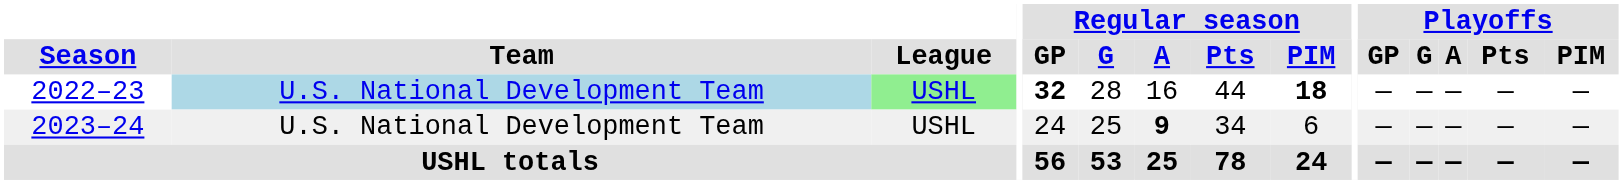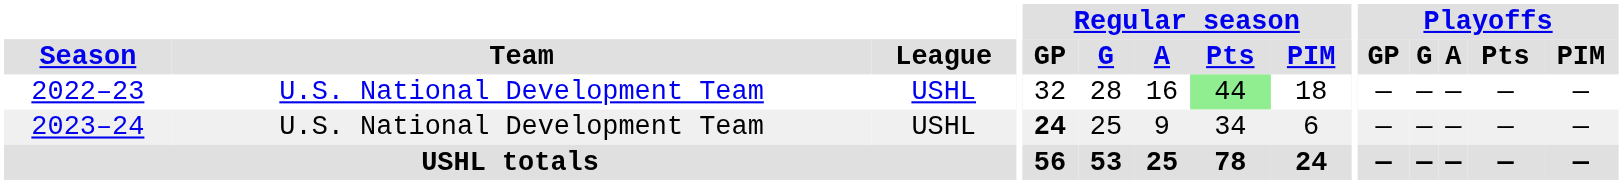 <table border="0" cellpadding="1" cellspacing="0" style="text-align:center; width:60em;">
 <tr bgcolor="#e0e0e0">
 <th colspan="3" bgcolor="#ffffff"></th>
 <th rowspan="100" bgcolor="#ffffff"></th>
 <th colspan="5"><a href='#'>Regular season</a></th>
 <th rowspan="100" bgcolor="#ffffff"></th>
 <th colspan="5"><a href='#'>Playoffs</a></th>
 </tr>
 <tr bgcolor="#e0e0e0">
 <th><a href='#'>Season</a></th>
 <th>Team</th>
 <th>League</th>
 <th>GP</th>
 <th><a href='#'>G</a></th>
 <th><a href='#'>A</a></th>
 <th><a href='#'>Pts</a></th>
 <th><a href='#'>PIM</a></th>
 <th>GP</th>
 <th>G</th>
 <th>A</th>
 <th>Pts</th>
 <th>PIM</th>
 </tr>
 <tr>
 <td><a href='#'>2022–23</a></td>
-<td style="background: lightblue;"><a href='#'>U.S. National Development Team</a></td>
-<td style="background: lightgreen;"><a href='#'>USHL</a></td>
-<td><strong>32</strong></td>
+<td><a href='#'>U.S. National Development Team</a></td>
+<td><a href='#'>USHL</a></td>
+<td>32</td>
 <td>28</td>
 <td>16</td>
-<td>44</td>
-<td><strong>18</strong></td>
+<td style="background: lightgreen;">44</td>
+<td>18</td>
 <td>—</td>
 <td>—</td>
 <td>—</td>
 <td>—</td>
 <td>—</td>
 </tr>
 <tr bgcolor="f0f0f0">
 <td><a href='#'>2023–24</a></td>
 <td>U.S. National Development Team</td>
 <td>USHL</td>
-<td>24</td>
+<td><strong>24</strong></td>
 <td>25</td>
-<td><strong>9</strong></td>
+<td>9</td>
 <td>34</td>
 <td>6</td>
 <td>—</td>
 <td>—</td>
 <td>—</td>
 <td>—</td>
 <td>—</td>
 </tr>
 <tr bgcolor="e0e0e0">
 <th colspan="3">USHL totals</th>
 <th>56</th>
 <th>53</th>
 <th>25</th>
 <th>78</th>
 <th>24</th>
 <th>—</th>
 <th>—</th>
 <th>—</th>
 <th>—</th>
 <th>—</th>
 </tr>
 </table>
